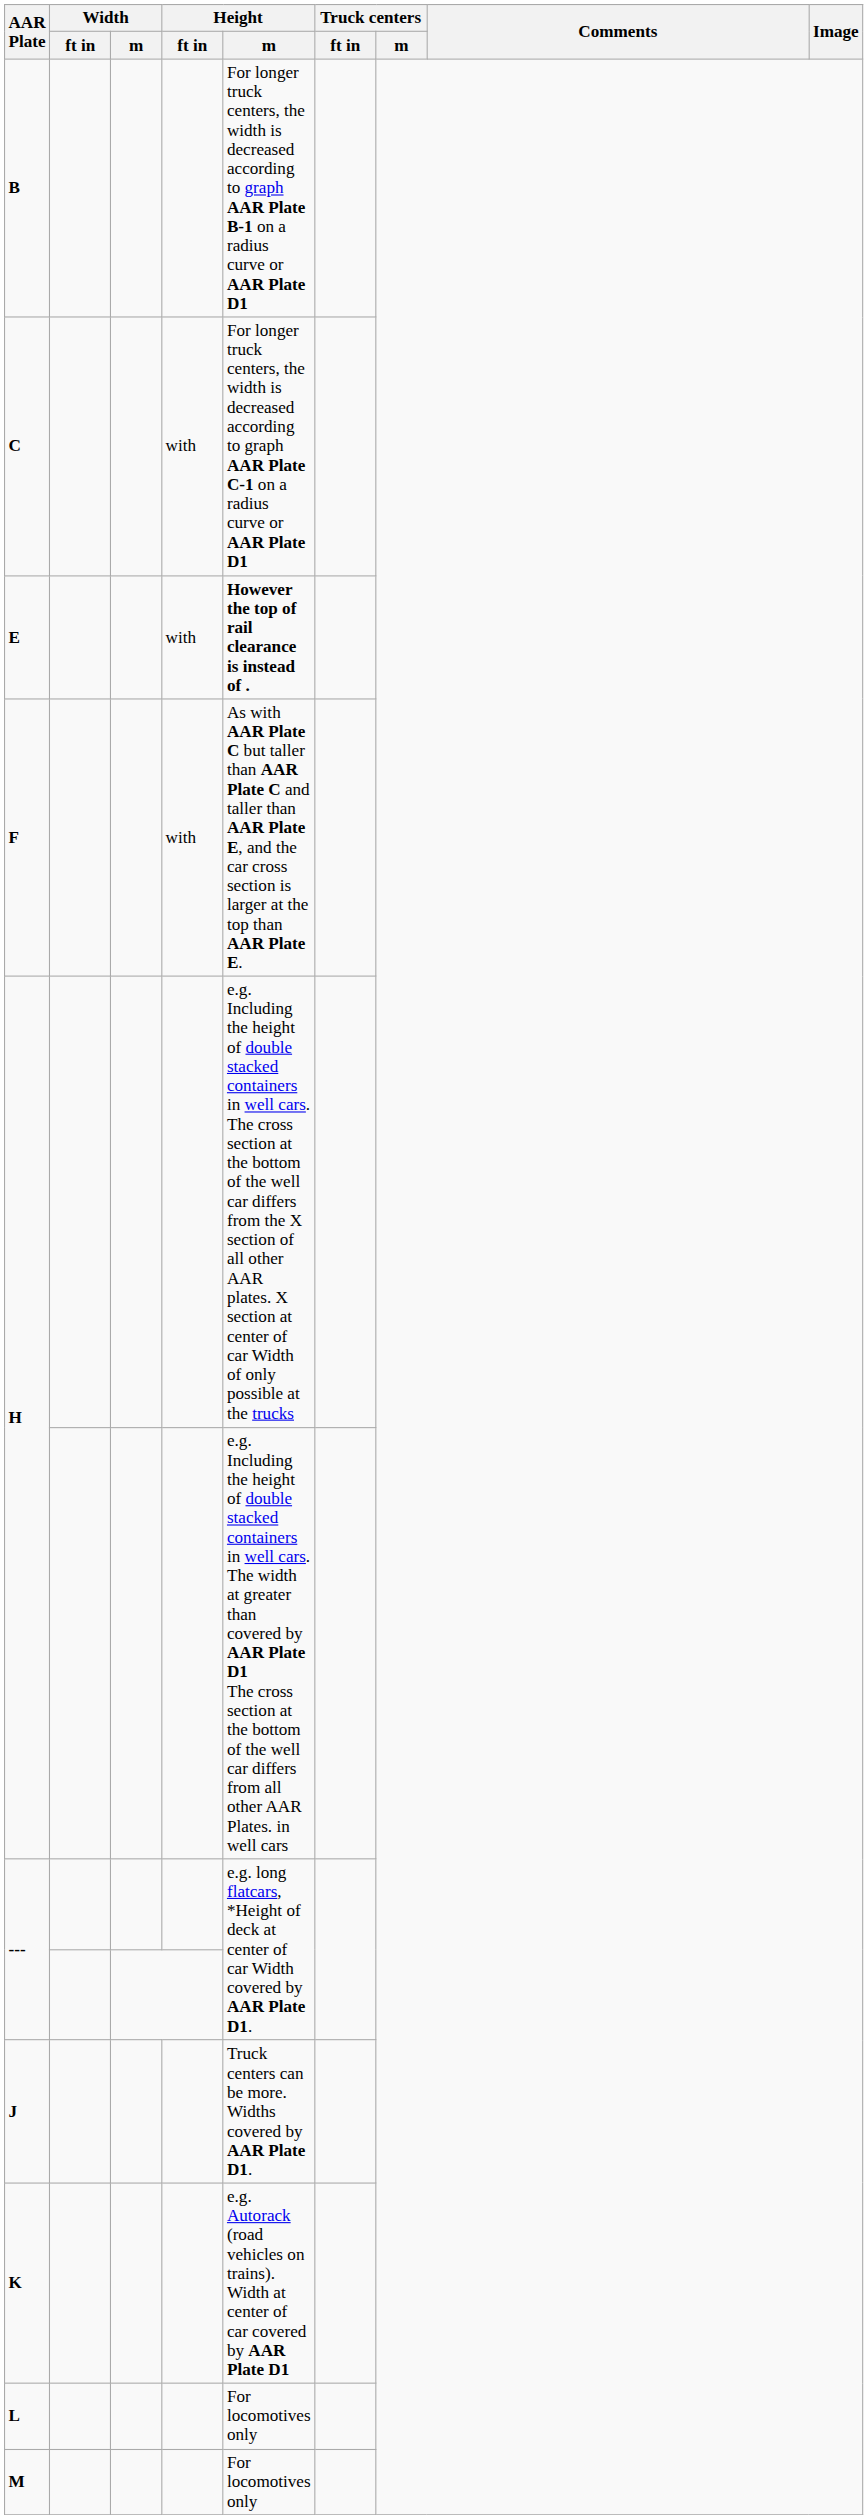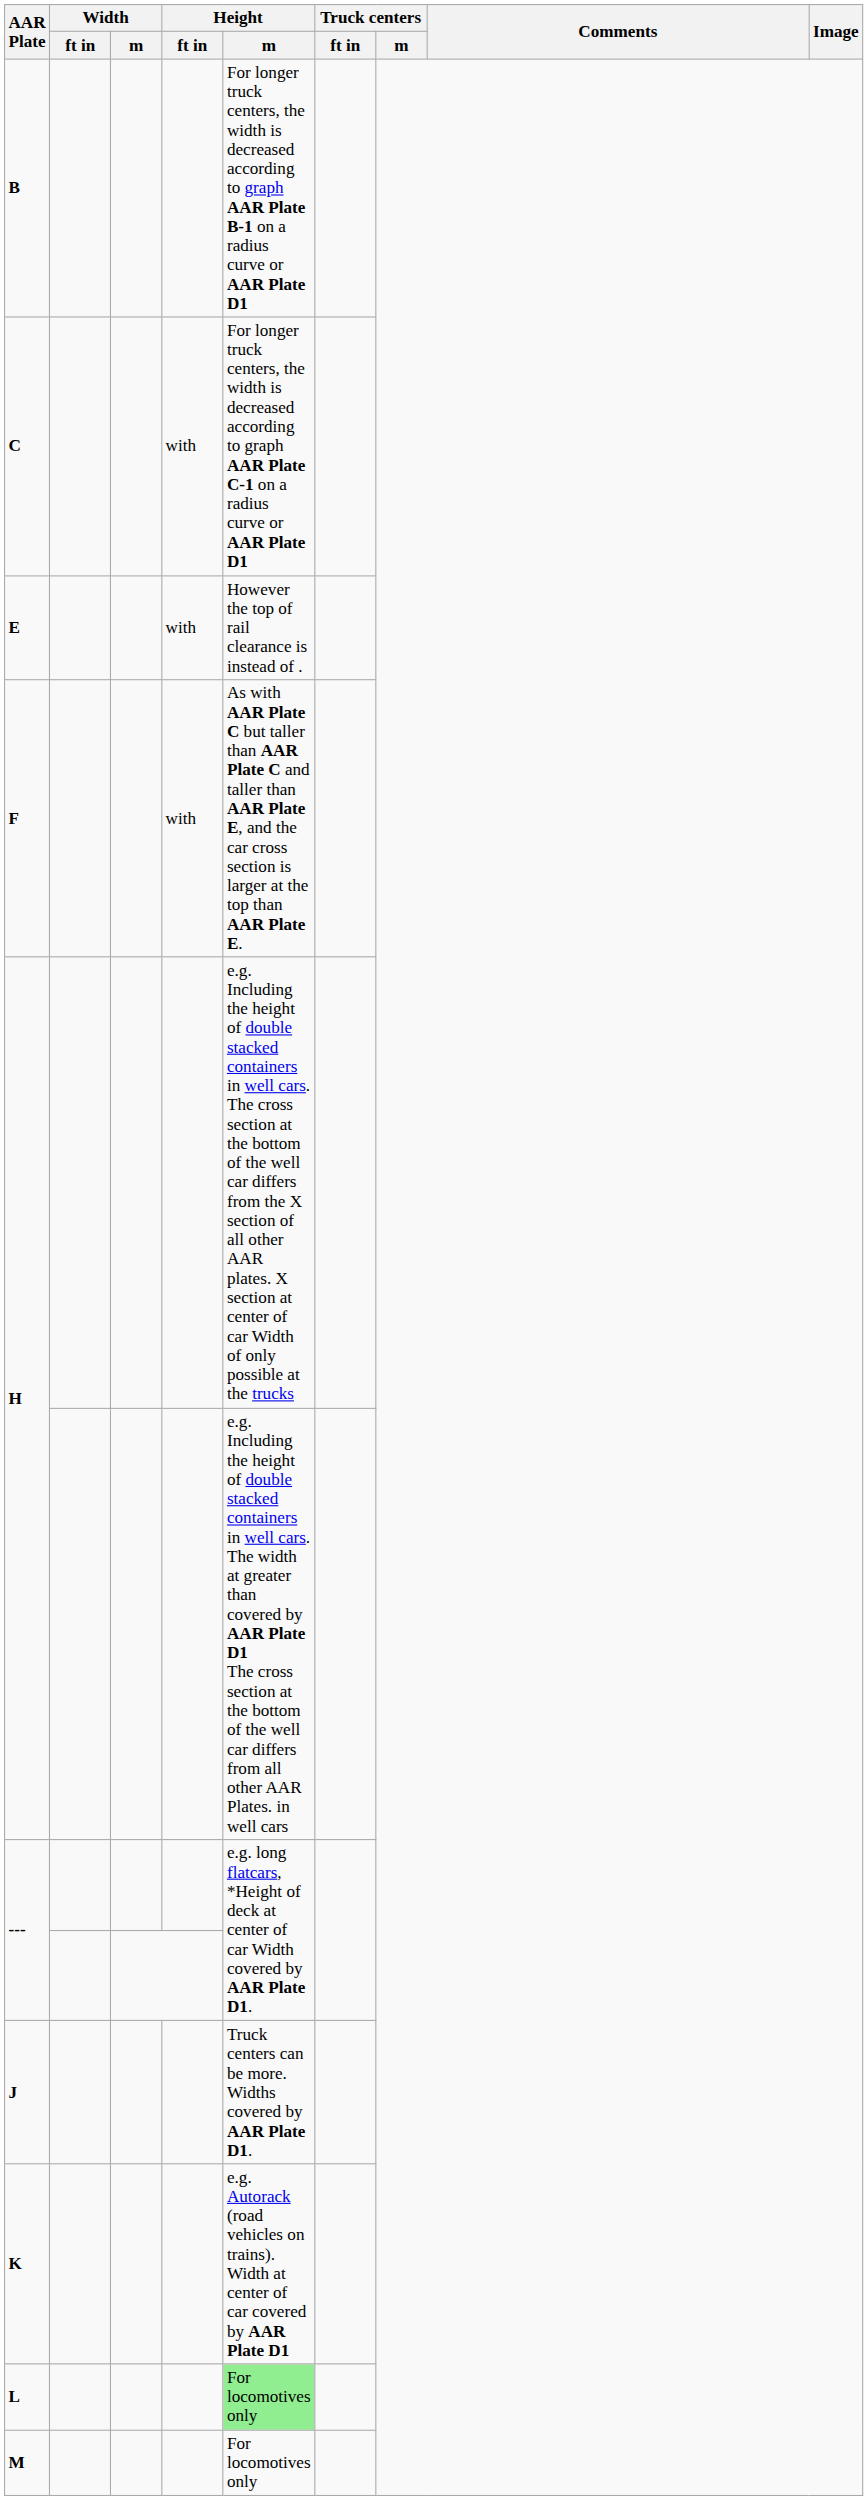 <table class="wikitable">
 <tr>
 <th rowspan="2">AAR<br>Plate</th>
 <th colspan="2">Width</th>
 <th colspan="2">Height</th>
 <th colspan="2">Truck centers</th>
 <th rowspan="2" width=350>Comments</th>
 <th rowspan="2">Image</th>
 </tr>
 <tr>
 <th width=50>ft in</th>
 <th width=40>m</th>
 <th width=50>ft in</th>
 <th width=40>m</th>
 <th width=50>ft in</th>
 <th width=40>m</th>
 </tr>
 <tr>
 <td><strong>B</strong></td>
 <td></td>
 <td></td>
 <td></td>
 <td>For longer truck centers, the width is decreased according to <a href='#'>graph</a> <strong>AAR Plate B-1</strong> on a  radius curve or <strong>AAR Plate D1</strong></td>
 <td></td>
 </tr>
 <tr>
 <td><strong>C</strong></td>
 <td></td>
 <td></td>
 <td>with </td>
 <td>For longer truck centers, the width is decreased according to graph <strong>AAR Plate C-1</strong> on a  radius curve or <strong>AAR Plate D1</strong></td>
 <td></td>
 </tr>
 <tr>
 <td><strong>E</strong></td>
 <td></td>
 <td></td>
 <td>with </td>
-<td><strong>However the top of rail clearance is  instead of .</strong></td>
+<td>However the top of rail clearance is  instead of .</td>
 <td></td>
 </tr>
 <tr>
 <td><strong>F</strong></td>
 <td></td>
 <td></td>
 <td>with </td>
 <td>As with <strong>AAR Plate C</strong> but  taller than <strong>AAR Plate C</strong> and  taller than <strong>AAR Plate E</strong>, and the car cross section is larger at the top than <strong>AAR Plate E</strong>.</td>
 <td></td>
 </tr>
 <tr>
 <td rowspan="2"><strong>H</strong></td>
 <td></td>
 <td></td>
 <td></td>
 <td>e.g. Including the height of <a href='#'>double stacked containers</a> in <a href='#'>well cars</a>. The cross section at the bottom of the well car differs from the X section of all other AAR plates. X section at center of car Width of  only possible at the <a href='#'>trucks</a></td>
 <td></td>
 </tr>
 <tr>
 <td></td>
 <td></td>
 <td></td>
 <td>e.g. Including the height of <a href='#'>double stacked containers</a> in <a href='#'>well cars</a>. The width at greater than  covered by <strong> AAR Plate D1</strong><br>The cross section at the bottom of the well car differs from all other AAR Plates. in well cars</td>
 <td></td>
 </tr>
 <tr>
 <td rowspan="2"><strong>---</strong></td>
 <td></td>
 <td></td>
 <td></td>
 <td rowspan="2">e.g.  long <a href='#'>flatcars</a>, *Height of deck at center of car Width covered by  <strong>AAR Plate D1</strong>.</td>
 <td rowspan="2"></td>
 </tr>
 <tr>
 <td></td>
 </tr>
 <tr>
 <td><strong>J</strong></td>
 <td></td>
 <td></td>
 <td></td>
 <td>Truck centers can be more. Widths covered by  <strong>AAR Plate D1</strong>.</td>
 <td></td>
 </tr>
 <tr>
 <td><strong>K</strong></td>
 <td></td>
 <td></td>
 <td></td>
 <td>e.g. <a href='#'>Autorack</a> (road vehicles on trains).  Width at center of car covered by  <strong>AAR Plate D1</strong></td>
 <td></td>
 </tr>
 <tr>
 <td><strong>L</strong></td>
 <td></td>
 <td></td>
 <td></td>
-<td>For locomotives only</td>
+<td style="background: lightgreen;">For locomotives only</td>
 <td></td>
 </tr>
 <tr>
 <td><strong>M</strong></td>
 <td></td>
 <td></td>
 <td></td>
 <td>For locomotives only </td>
 <td></td>
 </tr>
 </table>
